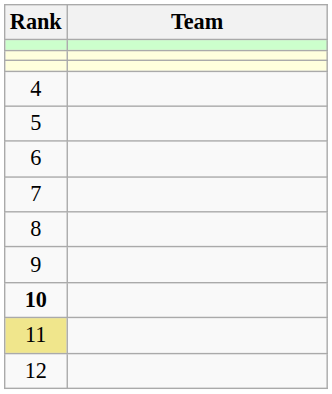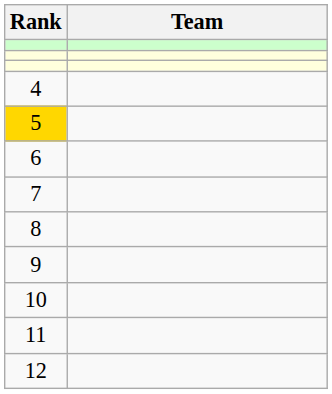 <table class=wikitable style="text-align:center;">
 <tr>
 <th>Rank</th>
 <th width=180>Team</th>
 </tr>
 <tr bgcolor=ccffcc>
 <td></td>
 <td align=left></td>
 </tr>
 <tr bgcolor=#ffffdd>
 <td></td>
 <td align=left></td>
 </tr>
 <tr bgcolor=#ffffdd>
 <td></td>
 <td align=left></td>
 </tr>
 <tr>
 <td>4</td>
 <td align=left></td>
 </tr>
 <tr>
-<td>5</td>
+<td style="background: gold;">5</td>
 <td align=left></td>
 </tr>
 <tr>
 <td>6</td>
 <td align=left></td>
 </tr>
 <tr>
 <td>7</td>
 <td align=left></td>
 </tr>
 <tr>
 <td>8</td>
 <td align=left></td>
 </tr>
 <tr>
 <td>9</td>
 <td align=left></td>
 </tr>
 <tr>
-<td><strong>10</strong></td>
+<td>10</td>
 <td align=left></td>
 </tr>
 <tr>
-<td style="background: khaki;">11</td>
+<td>11</td>
 <td align=left></td>
 </tr>
 <tr>
 <td>12</td>
 <td align=left></td>
 </tr>
 </table>
